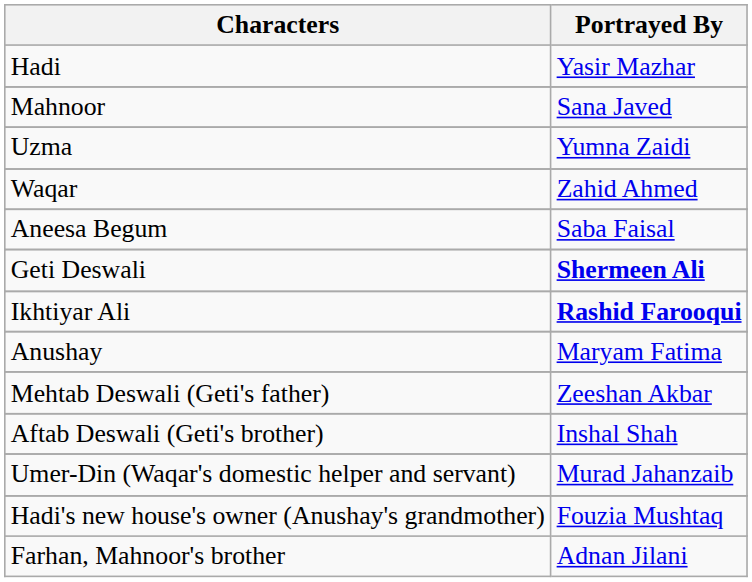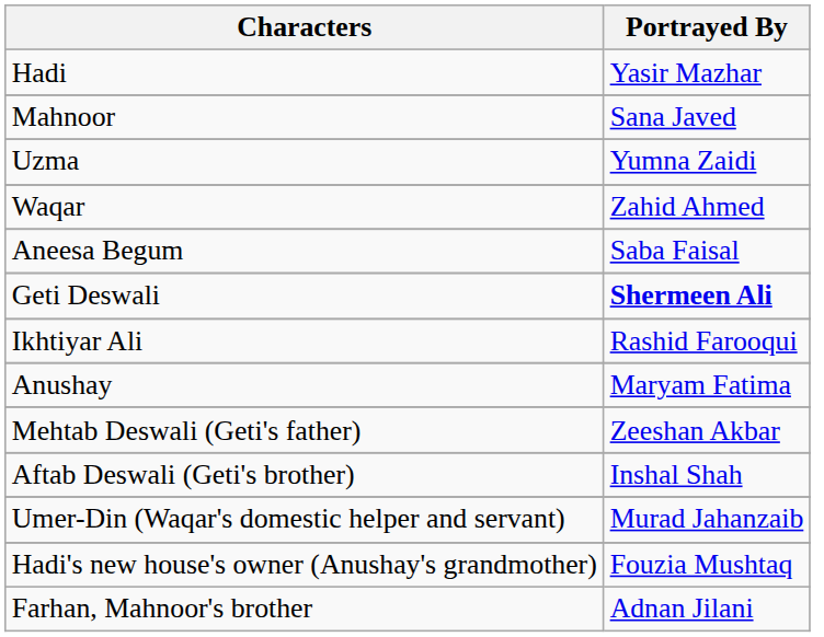 <table class="wikitable">
 <tr>
 <th Rowspan=1>Characters</th>
 <th colspan="2">Portrayed By</th>
 </tr>
 <tr>
 <td>Hadi</td>
 <td><a href='#'>Yasir Mazhar</a></td>
 </tr>
 <tr>
 </tr>
 <tr>
 <td>Mahnoor</td>
 <td><a href='#'>Sana Javed</a></td>
 </tr>
 <tr>
 </tr>
 <tr>
 <td>Uzma</td>
 <td><a href='#'>Yumna Zaidi</a></td>
 </tr>
 <tr>
 </tr>
 <tr>
 <td>Waqar</td>
 <td><a href='#'>Zahid Ahmed</a></td>
 </tr>
 <tr>
 </tr>
 <tr>
 <td>Aneesa Begum</td>
 <td><a href='#'>Saba Faisal</a></td>
 </tr>
 <tr>
 </tr>
 <tr>
 <td>Geti Deswali</td>
 <td><strong><a href='#'>Shermeen Ali</a></strong></td>
 </tr>
 <tr>
 </tr>
 <tr>
 <td>Ikhtiyar Ali</td>
-<td><strong><a href='#'>Rashid Farooqui</a></strong></td>
+<td><a href='#'>Rashid Farooqui</a></td>
 </tr>
 <tr>
 </tr>
 <tr>
 <td>Anushay</td>
 <td><a href='#'>Maryam Fatima</a></td>
 </tr>
 <tr>
 </tr>
 <tr>
 <td>Mehtab Deswali (Geti's father)</td>
 <td><a href='#'>Zeeshan Akbar</a></td>
 </tr>
 <tr>
 </tr>
 <tr>
 <td>Aftab Deswali (Geti's brother)</td>
 <td><a href='#'>Inshal Shah</a></td>
 </tr>
 <tr>
 </tr>
 <tr>
 <td>Umer-Din (Waqar's domestic helper and servant)</td>
 <td><a href='#'>Murad Jahanzaib</a></td>
 </tr>
 <tr>
 </tr>
 <tr>
 <td>Hadi's new house's owner (Anushay's grandmother)</td>
 <td><a href='#'>Fouzia Mushtaq</a></td>
 </tr>
 <tr>
 <td>Farhan, Mahnoor's brother</td>
 <td><a href='#'>Adnan Jilani</a></td>
 </tr>
 </table>
